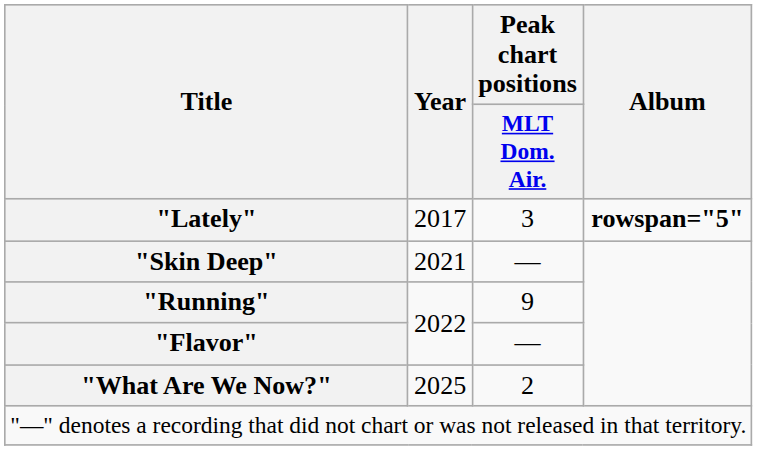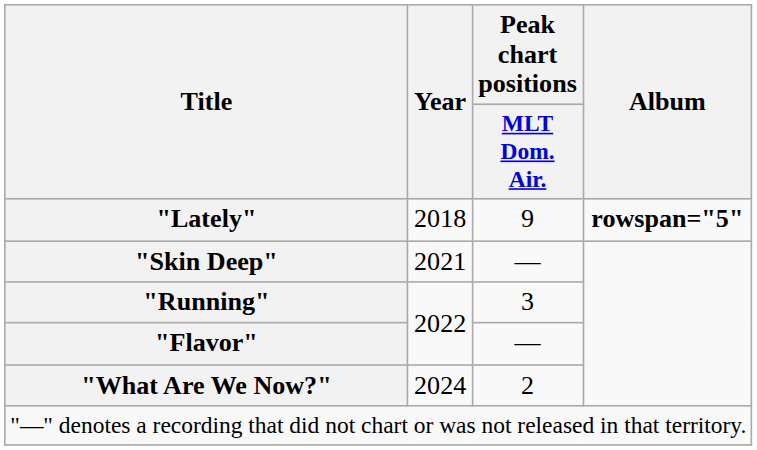 <table class="wikitable plainrowheaders" style="text-align:center;">
 <tr>
 <th scope="col" rowspan="2" style="width:15em;">Title</th>
 <th scope="col" rowspan="2" style="width:1em;">Year</th>
 <th>Peak chart positions</th>
 <th scope="col" rowspan="2">Album</th>
 </tr>
 <tr>
 <th scope="col" style="width:3em;font-size:90%;"><a href='#'>MLT<br>Dom.<br>Air.</a><br></th>
 </tr>
 <tr>
 <th scope="row">"Lately"<br></th>
-<td>2017</td>
-<td>3</td>
+<td>2018</td>
+<td>9</td>
 <td><strong>rowspan="5" </strong></td>
 </tr>
 <tr>
 <th scope="row">"Skin Deep"<br></th>
 <td>2021</td>
 <td>—</td>
 </tr>
 <tr>
 <th scope="row">"Running"<br></th>
 <td rowspan="2">2022</td>
-<td>9</td>
+<td>3</td>
 </tr>
 <tr>
 <th scope="row">"Flavor"<br></th>
 <td>—</td>
 </tr>
 <tr>
 <th scope="row">"What Are We Now?"<br></th>
-<td>2025</td>
+<td>2024</td>
 <td>2</td>
 </tr>
 <tr>
 <td colspan="4" style="font-size:90%">"—" denotes a recording that did not chart or was not released in that territory.</td>
 </tr>
 </table>
